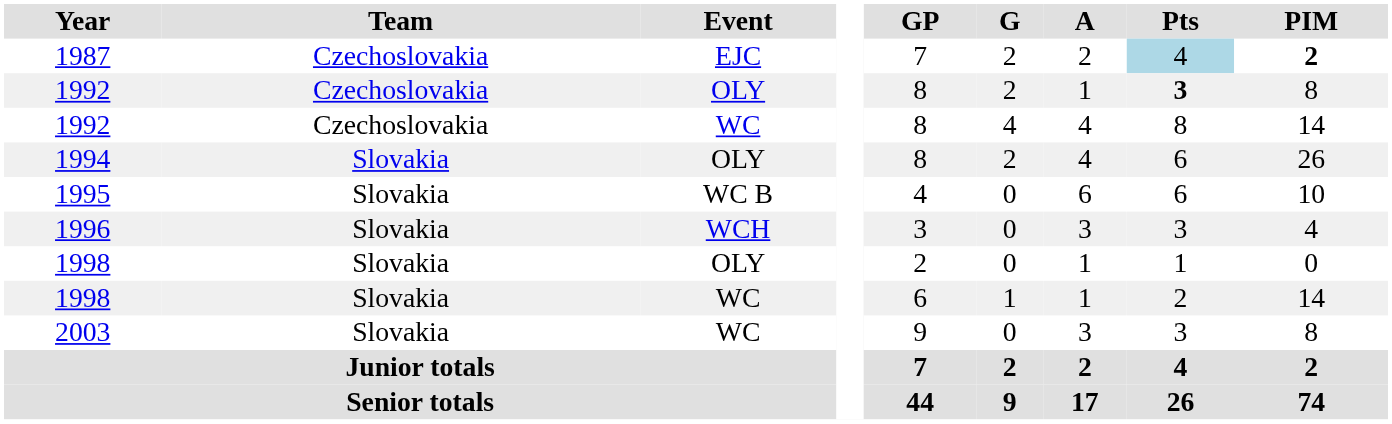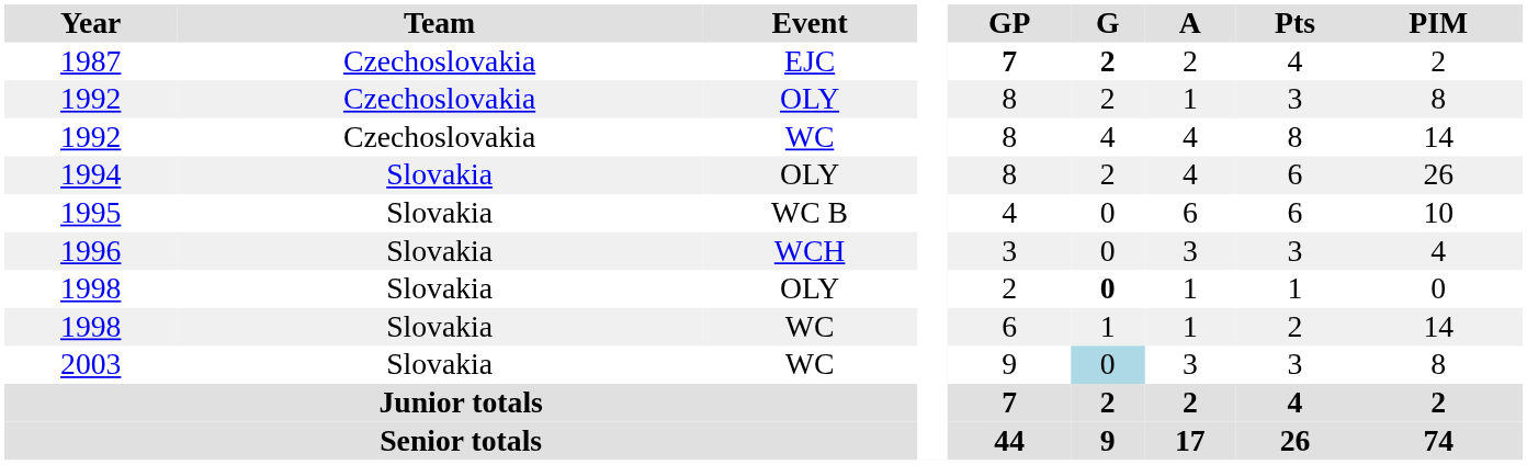 <table border="0" cellpadding="1" cellspacing="0" style="text-align:center; width:50em">
 <tr ALIGN="center" bgcolor="#e0e0e0">
 <th>Year</th>
 <th>Team</th>
 <th>Event</th>
 <th rowspan="99" bgcolor="#ffffff"> </th>
 <th>GP</th>
 <th>G</th>
 <th>A</th>
 <th>Pts</th>
 <th>PIM</th>
 </tr>
 <tr>
 <td><a href='#'>1987</a></td>
 <td><a href='#'>Czechoslovakia</a></td>
 <td><a href='#'>EJC</a></td>
-<td>7</td>
+<td><strong>7</strong></td>
+<td><strong>2</strong></td>
 <td>2</td>
+<td>4</td>
 <td>2</td>
-<td style="background: lightblue;">4</td>
-<td><strong>2</strong></td>
 </tr>
 <tr bgcolor="#f0f0f0">
 <td><a href='#'>1992</a></td>
 <td><a href='#'>Czechoslovakia</a></td>
 <td><a href='#'>OLY</a></td>
 <td>8</td>
 <td>2</td>
 <td>1</td>
-<td><strong>3</strong></td>
+<td>3</td>
 <td>8</td>
 </tr>
 <tr>
 <td><a href='#'>1992</a></td>
 <td>Czechoslovakia</td>
 <td><a href='#'>WC</a></td>
 <td>8</td>
 <td>4</td>
 <td>4</td>
 <td>8</td>
 <td>14</td>
 </tr>
 <tr bgcolor="#f0f0f0">
 <td><a href='#'>1994</a></td>
 <td><a href='#'>Slovakia</a></td>
 <td>OLY</td>
 <td>8</td>
 <td>2</td>
 <td>4</td>
 <td>6</td>
 <td>26</td>
 </tr>
 <tr>
 <td><a href='#'>1995</a></td>
 <td>Slovakia</td>
 <td>WC B</td>
 <td>4</td>
 <td>0</td>
 <td>6</td>
 <td>6</td>
 <td>10</td>
 </tr>
 <tr bgcolor="#f0f0f0">
 <td><a href='#'>1996</a></td>
 <td>Slovakia</td>
 <td><a href='#'>WCH</a></td>
 <td>3</td>
 <td>0</td>
 <td>3</td>
 <td>3</td>
 <td>4</td>
 </tr>
 <tr>
 <td><a href='#'>1998</a></td>
 <td>Slovakia</td>
 <td>OLY</td>
 <td>2</td>
-<td>0</td>
+<td><strong>0</strong></td>
 <td>1</td>
 <td>1</td>
 <td>0</td>
 </tr>
 <tr bgcolor="#f0f0f0">
 <td><a href='#'>1998</a></td>
 <td>Slovakia</td>
 <td>WC</td>
 <td>6</td>
 <td>1</td>
 <td>1</td>
 <td>2</td>
 <td>14</td>
 </tr>
 <tr>
 <td><a href='#'>2003</a></td>
 <td>Slovakia</td>
 <td>WC</td>
 <td>9</td>
-<td>0</td>
+<td style="background: lightblue;">0</td>
 <td>3</td>
 <td>3</td>
 <td>8</td>
 </tr>
 <tr bgcolor="#e0e0e0">
 <th colspan=3>Junior totals</th>
 <th>7</th>
 <th>2</th>
 <th>2</th>
 <th>4</th>
 <th>2</th>
 </tr>
 <tr bgcolor="#e0e0e0">
 <th colspan=3>Senior totals</th>
 <th>44</th>
 <th>9</th>
 <th>17</th>
 <th>26</th>
 <th>74</th>
 </tr>
 </table>
